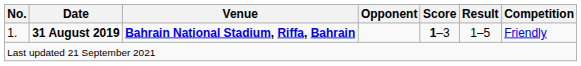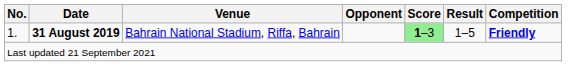 <table class="wikitable" style="font-size:85%;">
 <tr>
 <th>No.</th>
 <th>Date</th>
 <th>Venue</th>
 <th>Opponent</th>
 <th>Score</th>
 <th>Result</th>
 <th>Competition</th>
 </tr>
 <tr>
 <td>1.</td>
 <td><strong>31 August 2019</strong></td>
-<td><strong><a href='#'>Bahrain National Stadium</a>, <a href='#'>Riffa</a>, <a href='#'>Bahrain</a></strong></td>
+<td><a href='#'>Bahrain National Stadium</a>, <a href='#'>Riffa</a>, <a href='#'>Bahrain</a></td>
 <td></td>
-<td align=center><strong>1</strong>–3</td>
+<td align=center style="background: lightgreen;"><strong>1</strong>–3</td>
 <td align=center>1–5</td>
-<td><a href='#'>Friendly</a></td>
+<td><strong><a href='#'>Friendly</a></strong></td>
 </tr>
 <tr>
 <td colspan="7"><small>Last updated 21 September 2021</small></td>
 </tr>
 </table>
